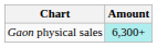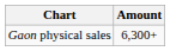 <table class="wikitable">
 <tr>
 <th>Chart</th>
 <th>Amount</th>
 </tr>
 <tr>
 <td><em>Gaon</em> physical sales</td>
-<td style="background: paleturquoise; text-align:center">6,300+</td>
+<td style="text-align:center">6,300+</td>
 </tr>
 </table>
